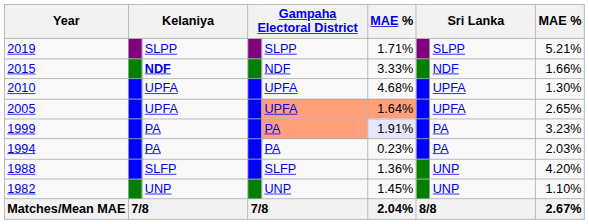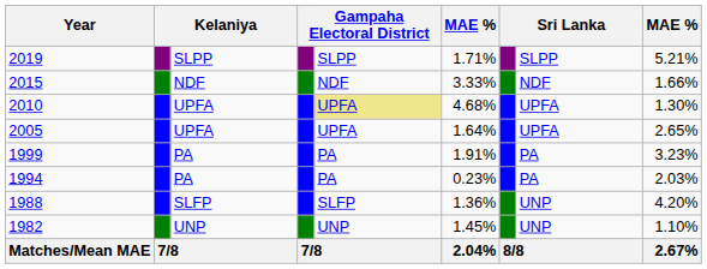 <table class="wikitable">
 <tr>
 <th>Year</th>
 <th colspan="2" width="144px">Kelaniya</th>
 <th colspan="2" width="144px"><a href='#'>Gampaha Electoral District</a></th>
 <th><a href='#'>MAE</a> %</th>
 <th colspan="2" width="144px">Sri Lanka</th>
 <th>MAE %</th>
 </tr>
 <tr>
 <td><a href='#'>2019</a></td>
 <td style="background-color:purple;" width="10px"></td>
 <td style="text-align:left;"><a href='#'>SLPP</a></td>
 <td style="background-color:purple;" width="10px"></td>
 <td style="text-align:left;"><a href='#'>SLPP</a></td>
 <td style="text-align:right;">1.71%</td>
 <td style="background-color:purple;" width="10px"></td>
 <td style="text-align:left;"><a href='#'>SLPP</a></td>
 <td style="text-align:right;">5.21%</td>
 </tr>
 <tr>
 <td><a href='#'>2015</a></td>
 <td style="background-color:green;" width="10px"></td>
-<td style="text-align:left;"><strong><a href='#'>NDF</a></strong></td>
+<td style="text-align:left;"><a href='#'>NDF</a></td>
 <td style="background-color:green;" width="10px"></td>
 <td style="text-align:left;"><a href='#'>NDF</a></td>
 <td style="text-align:right;">3.33%</td>
 <td style="background-color:green;" width="10px"></td>
 <td style="text-align:left;"><a href='#'>NDF</a></td>
 <td style="text-align:right;">1.66%</td>
 </tr>
 <tr>
 <td><a href='#'>2010</a></td>
 <td style="background-color:blue;" width="10px"></td>
 <td style="text-align:left;"><a href='#'>UPFA</a></td>
 <td style="background-color:blue;" width="10px"></td>
-<td style="text-align:left;"><a href='#'>UPFA</a></td>
+<td style="background: khaki; text-align:left;"><a href='#'>UPFA</a></td>
 <td style="text-align:right;">4.68%</td>
 <td style="background-color:blue;" width="10px"></td>
 <td style="text-align:left;"><a href='#'>UPFA</a></td>
 <td style="text-align:right;">1.30%</td>
 </tr>
 <tr>
 <td><a href='#'>2005</a></td>
 <td style="background-color:blue;" width="10px"></td>
 <td style="text-align:left;"><a href='#'>UPFA</a></td>
 <td style="background-color:blue;" width="10px"></td>
-<td style="background: lightsalmon; text-align:left;"><a href='#'>UPFA</a></td>
-<td style="background: lightsalmon; text-align:right;">1.64%</td>
+<td style="text-align:left;"><a href='#'>UPFA</a></td>
+<td style="text-align:right;">1.64%</td>
 <td style="background-color:blue;" width="10px"></td>
 <td style="text-align:left;"><a href='#'>UPFA</a></td>
 <td style="text-align:right;">2.65%</td>
 </tr>
 <tr>
 <td><a href='#'>1999</a></td>
 <td style="background-color:blue;" width="10px"></td>
 <td style="text-align:left;"><a href='#'>PA</a></td>
 <td style="background-color:blue;" width="10px"></td>
-<td style="background: lightsalmon; text-align:left;"><a href='#'>PA</a></td>
-<td style="background: lavender; text-align:right;">1.91%</td>
+<td style="text-align:left;"><a href='#'>PA</a></td>
+<td style="text-align:right;">1.91%</td>
 <td style="background-color:blue;" width="10px"></td>
 <td style="text-align:left;"><a href='#'>PA</a></td>
 <td style="text-align:right;">3.23%</td>
 </tr>
 <tr>
 <td><a href='#'>1994</a></td>
 <td style="background-color:blue;" width="10px"></td>
 <td style="text-align:left;"><a href='#'>PA</a></td>
 <td style="background-color:blue;" width="10px"></td>
 <td style="text-align:left;"><a href='#'>PA</a></td>
 <td style="text-align:right;">0.23%</td>
 <td style="background-color:blue;" width="10px"></td>
 <td style="text-align:left;"><a href='#'>PA</a></td>
 <td style="text-align:right;">2.03%</td>
 </tr>
 <tr>
 <td><a href='#'>1988</a></td>
 <td style="background-color:blue;" width="10px"></td>
 <td style="text-align:left;"><a href='#'>SLFP</a></td>
 <td style="background-color:blue;" width="10px"></td>
 <td style="text-align:left;"><a href='#'>SLFP</a></td>
 <td style="text-align:right;">1.36%</td>
 <td style="background-color:green;" width="10px"></td>
 <td style="text-align:left;"><a href='#'>UNP</a></td>
 <td style="text-align:right;">4.20%</td>
 </tr>
 <tr>
 <td><a href='#'>1982</a></td>
 <td style="background-color:green;" width="10px"></td>
 <td style="text-align:left;"><a href='#'>UNP</a></td>
 <td style="background-color:green;" width="10px"></td>
 <td style="text-align:left;"><a href='#'>UNP</a></td>
 <td style="text-align:right;">1.45%</td>
 <td style="background-color:green;" width="10px"></td>
 <td style="text-align:left;"><a href='#'>UNP</a></td>
 <td style="text-align:right;">1.10%</td>
 </tr>
 <tr>
 <th>Matches/Mean MAE</th>
 <th style="text-align:left;"colspan="2" width="144px">7/8</th>
 <th style="text-align:left;"colspan="2" width="144px">7/8</th>
 <th style="text-align:right;">2.04%</th>
 <th style="text-align:left;"colspan="2" width="144px">8/8</th>
 <th style="text-align:right;">2.67%</th>
 </tr>
 </table>
